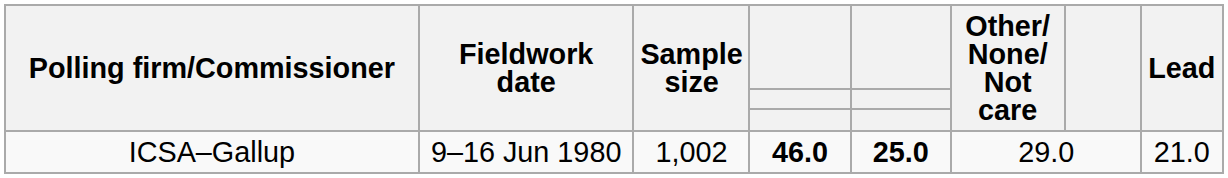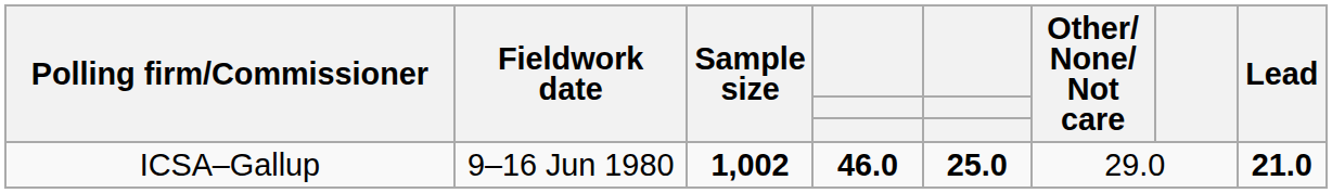 <table class="wikitable collapsible collapsed" style="text-align:center; font-size:90%; line-height:14px;">
 <tr style="height:42px;">
 <th style="width:250px;" rowspan="3">Polling firm/Commissioner</th>
 <th style="width:125px;" rowspan="3">Fieldwork date</th>
 <th style="width:50px;" rowspan="3">Sample size</th>
 <th style="width:55px;"></th>
 <th style="width:55px;"></th>
 <th style="width:55px;" rowspan="3">Other/<br>None/<br>Not<br>care</th>
 <th style="width:55px;" rowspan="3"></th>
 <th style="width:30px;" rowspan="3">Lead</th>
 </tr>
 <tr>
 <th style="color:inherit;background:"></th>
 <th style="color:inherit;background:"></th>
 </tr>
 <tr>
 <th></th>
 <th></th>
 </tr>
 <tr>
 <td>ICSA–Gallup</td>
 <td>9–16 Jun 1980</td>
-<td>1,002</td>
+<td><strong>1,002</strong></td>
 <td><strong>46.0</strong></td>
 <td><strong>25.0</strong></td>
 <td colspan="2">29.0</td>
-<td style="background:">21.0</td>
+<td style="background:"><strong>21.0</strong></td>
 </tr>
 </table>
